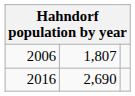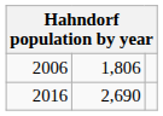 <table class="wikitable mw-collapsible" style="float:right; clear:left; margin:10px; text-size:60%; text-align:right;">
 <tr>
 <th style="text-align:center;" colspan="3"><strong>Hahndorf<br>population by year</strong></th>
 </tr>
 <tr>
 <td>2006</td>
-<td>1,807</td>
+<td>1,806</td>
 <td></td>
 </tr>
 <tr>
 <td>2016</td>
 <td>2,690</td>
 <td></td>
 </tr>
 </table>
